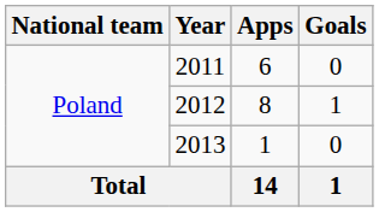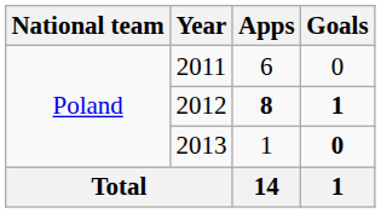 <table class="wikitable" style="text-align:center">
 <tr>
 <th>National team</th>
 <th>Year</th>
 <th>Apps</th>
 <th>Goals</th>
 </tr>
 <tr>
 <td rowspan="3"><a href='#'>Poland</a></td>
 <td>2011</td>
 <td>6</td>
 <td>0</td>
 </tr>
 <tr>
 <td>2012</td>
-<td>8</td>
-<td>1</td>
+<td><strong>8</strong></td>
+<td><strong>1</strong></td>
 </tr>
 <tr>
 <td>2013</td>
 <td>1</td>
-<td>0</td>
+<td><strong>0</strong></td>
 </tr>
 <tr>
 <th colspan="2">Total</th>
 <th>14</th>
 <th>1</th>
 </tr>
 </table>
